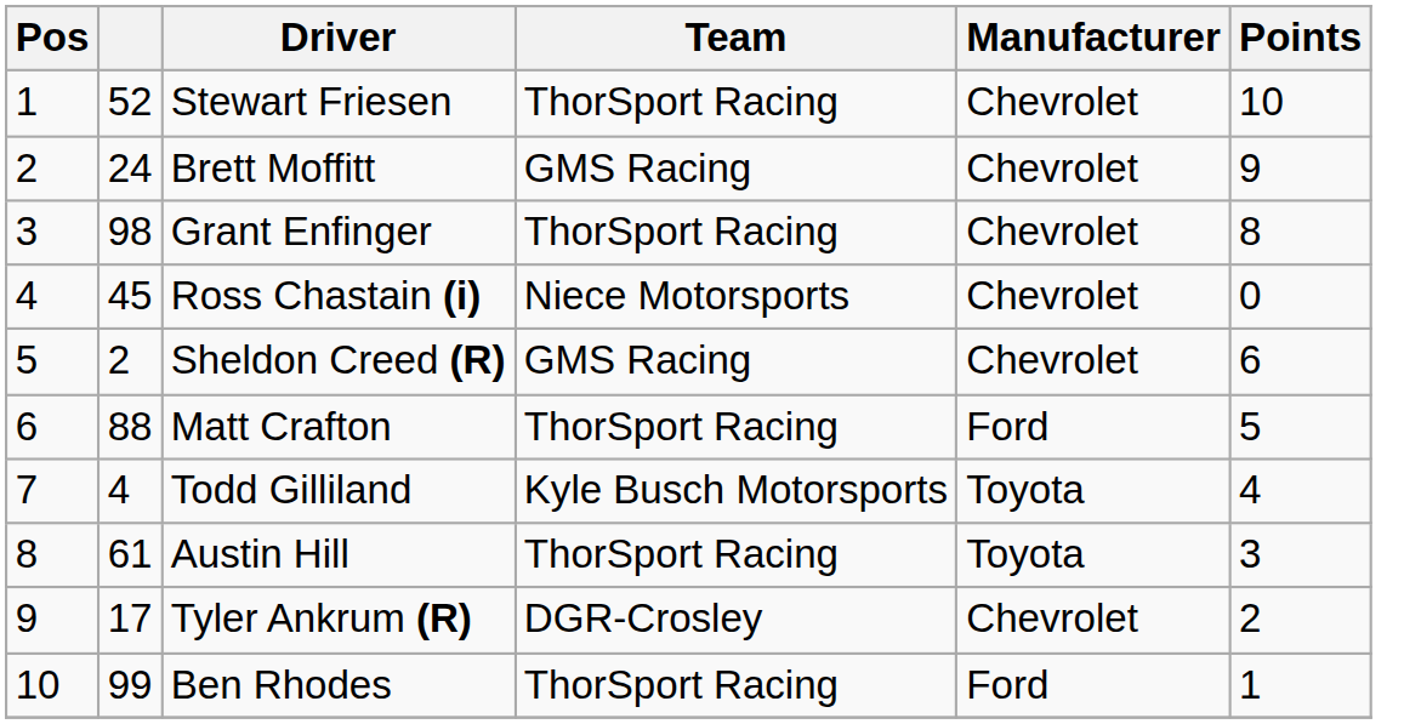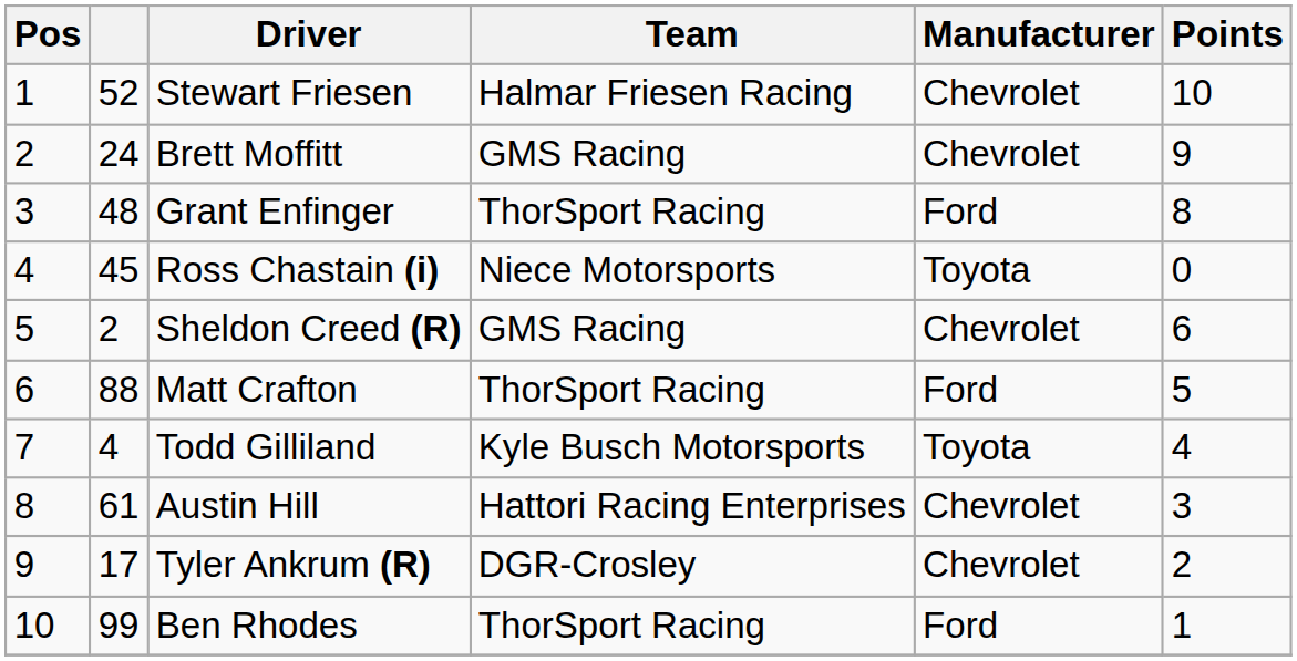 <table class="wikitable" style="font-size:98%">
 <tr>
 <th>Pos</th>
 <th></th>
 <th>Driver</th>
 <th>Team</th>
 <th>Manufacturer</th>
 <th>Points</th>
 </tr>
 <tr>
 <td>1</td>
 <td>52</td>
 <td>Stewart Friesen</td>
-<td>ThorSport Racing</td>
+<td>Halmar Friesen Racing</td>
 <td>Chevrolet</td>
 <td>10</td>
 </tr>
 <tr>
 <td>2</td>
 <td>24</td>
 <td>Brett Moffitt</td>
 <td>GMS Racing</td>
 <td>Chevrolet</td>
 <td>9</td>
 </tr>
 <tr>
 <td>3</td>
-<td>98</td>
+<td>48</td>
 <td>Grant Enfinger</td>
 <td>ThorSport Racing</td>
-<td>Chevrolet</td>
+<td>Ford</td>
 <td>8</td>
 </tr>
 <tr>
 <td>4</td>
 <td>45</td>
 <td>Ross Chastain <strong>(i)</strong></td>
 <td>Niece Motorsports</td>
-<td>Chevrolet</td>
+<td>Toyota</td>
 <td>0</td>
 </tr>
 <tr>
 <td>5</td>
 <td>2</td>
 <td>Sheldon Creed <strong>(R)</strong></td>
 <td>GMS Racing</td>
 <td>Chevrolet</td>
 <td>6</td>
 </tr>
 <tr>
 <td>6</td>
 <td>88</td>
 <td>Matt Crafton</td>
 <td>ThorSport Racing</td>
 <td>Ford</td>
 <td>5</td>
 </tr>
 <tr>
 <td>7</td>
 <td>4</td>
 <td>Todd Gilliland</td>
 <td>Kyle Busch Motorsports</td>
 <td>Toyota</td>
 <td>4</td>
 </tr>
 <tr>
 <td>8</td>
 <td>61</td>
 <td>Austin Hill</td>
-<td>ThorSport Racing</td>
-<td>Toyota</td>
+<td>Hattori Racing Enterprises</td>
+<td>Chevrolet</td>
 <td>3</td>
 </tr>
 <tr>
 <td>9</td>
 <td>17</td>
 <td>Tyler Ankrum <strong>(R)</strong></td>
 <td>DGR-Crosley</td>
 <td>Chevrolet</td>
 <td>2</td>
 </tr>
 <tr>
 <td>10</td>
 <td>99</td>
 <td>Ben Rhodes</td>
 <td>ThorSport Racing</td>
 <td>Ford</td>
 <td>1</td>
 </tr>
 <tr>
 </tr>
 </table>
